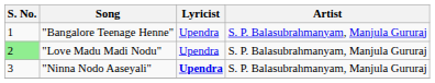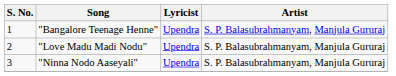 <table class="wikitable">
 <tr>
 <th>S. No.</th>
 <th>Song</th>
 <th>Lyricist</th>
 <th>Artist</th>
 </tr>
 <tr>
 <td>1</td>
 <td>"Bangalore Teenage Henne"</td>
 <td><a href='#'> Upendra</a></td>
 <td><a href='#'>S. P. Balasubrahmanyam</a>, <a href='#'>Manjula Gururaj</a></td>
 </tr>
 <tr>
-<td style="background: lightgreen;">2</td>
+<td>2</td>
 <td>"Love Madu Madi Nodu"</td>
 <td><a href='#'> Upendra</a></td>
 <td>S. P. Balasubrahmanyam, Manjula Gururaj</td>
 </tr>
 <tr>
 <td>3</td>
 <td>"Ninna Nodo Aaseyali"</td>
-<td><strong><a href='#'> Upendra</a></strong></td>
+<td><a href='#'> Upendra</a></td>
 <td>S. P. Balasubrahmanyam, Manjula Gururaj</td>
 </tr>
 <tr>
 </tr>
 </table>
